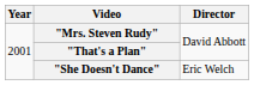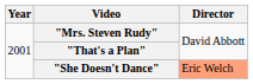 <table class="wikitable plainrowheaders">
 <tr>
 <th>Year</th>
 <th style="width:12em;">Video</th>
 <th>Director</th>
 </tr>
 <tr>
 <td rowspan="3">2001</td>
 <th scope="row">"Mrs. Steven Rudy"</th>
 <td rowspan="2">David Abbott</td>
 </tr>
 <tr>
 <th scope="row">"That's a Plan"</th>
 </tr>
 <tr>
 <th scope="row">"She Doesn't Dance"</th>
-<td>Eric Welch</td>
+<td style="background: lightsalmon;">Eric Welch</td>
 </tr>
 </table>
